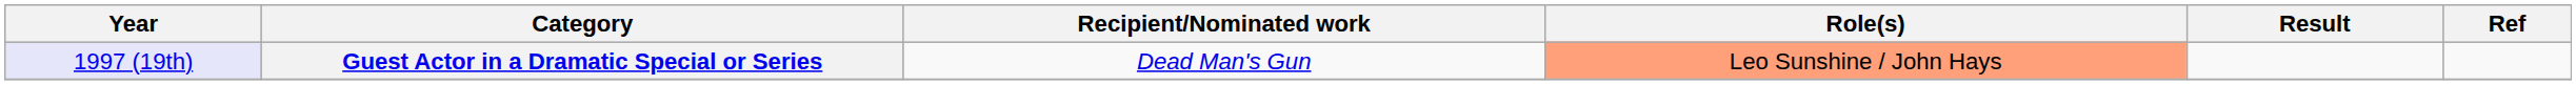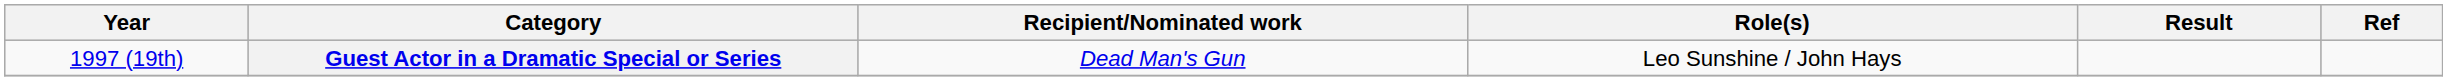 <table class="wikitable plainrowheaders" style="font-size: 90%; text-align:center" width=100%>
 <tr>
 <th scope="col" width="10%">Year</th>
 <th scope="col" width="25%">Category</th>
 <th scope="col" width="25%">Recipient/Nominated work</th>
 <th scope="col" width="25%">Role(s)</th>
 <th scope="col" width="10%">Result</th>
 <th scope="col" width="5%">Ref</th>
 </tr>
 <tr>
-<td style="background: lavender;"><a href='#'>1997 (19th)</a></td>
+<td><a href='#'>1997 (19th)</a></td>
 <th scope="row" style="text-align:center"><a href='#'>Guest Actor in a Dramatic Special or Series</a></th>
 <td><em><a href='#'>Dead Man's Gun</a></em></td>
-<td style="background: lightsalmon;">Leo Sunshine / John Hays</td>
+<td>Leo Sunshine / John Hays</td>
 <td></td>
 <td></td>
 </tr>
 <tr>
 </tr>
 </table>
